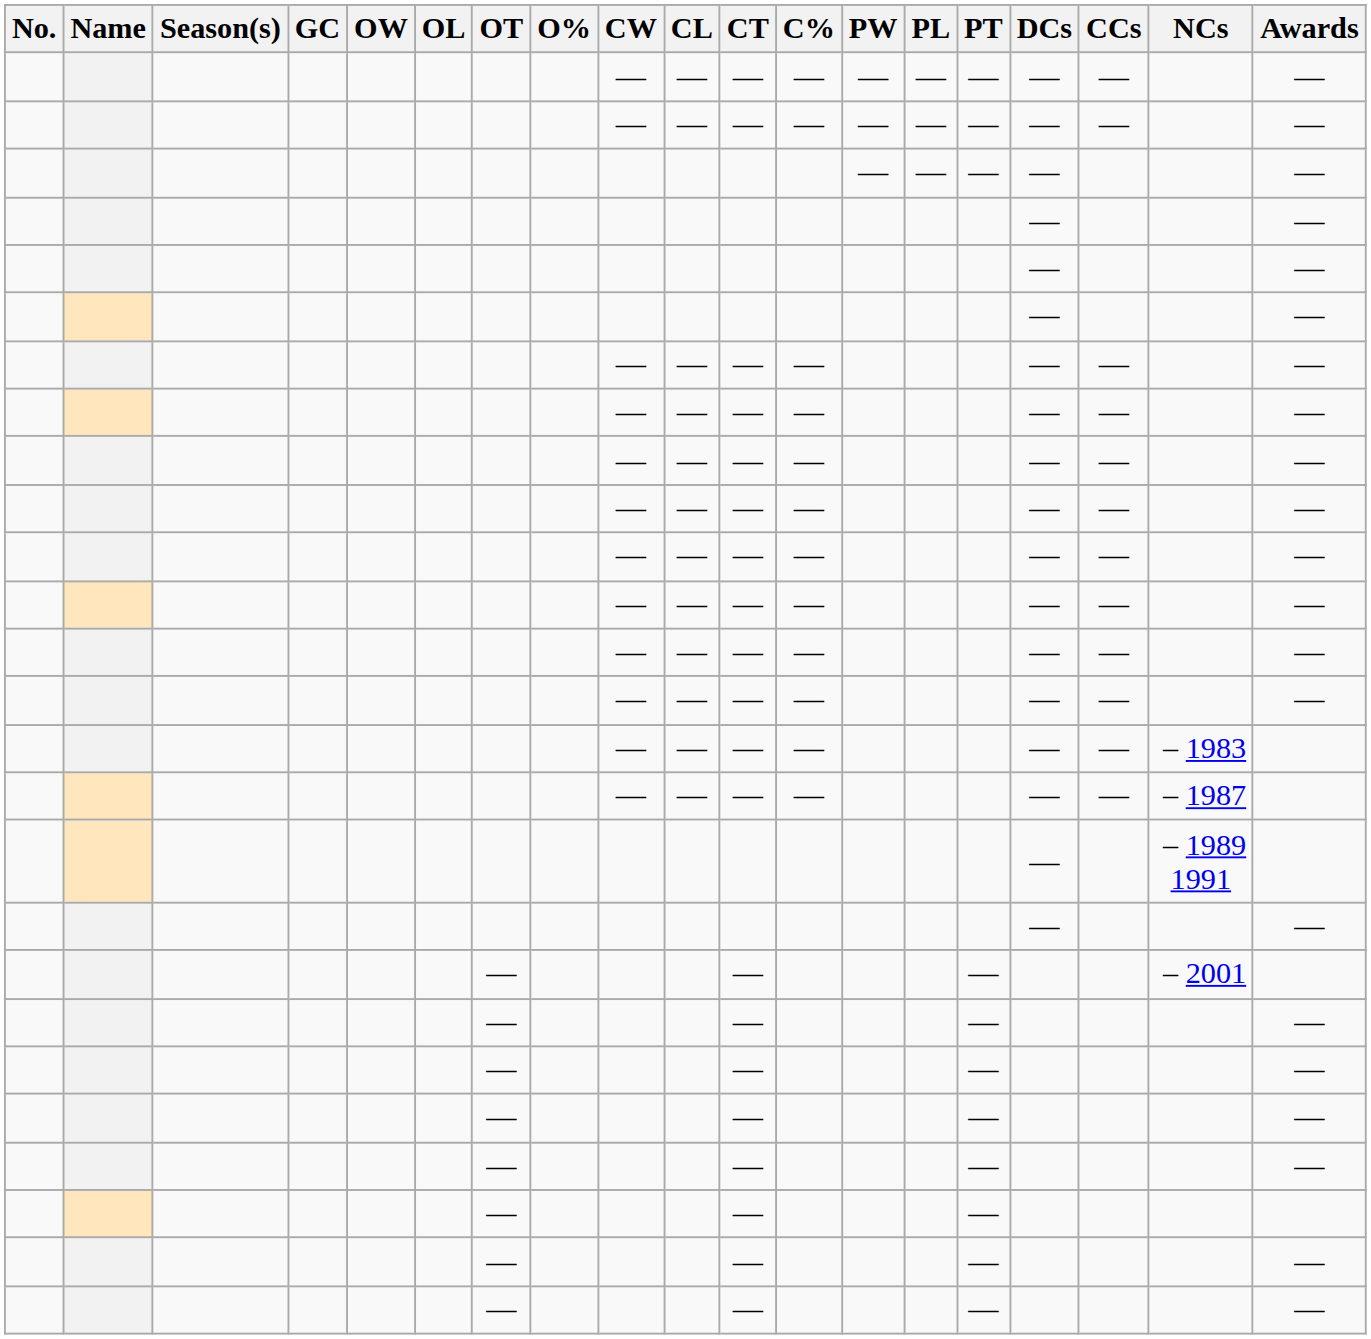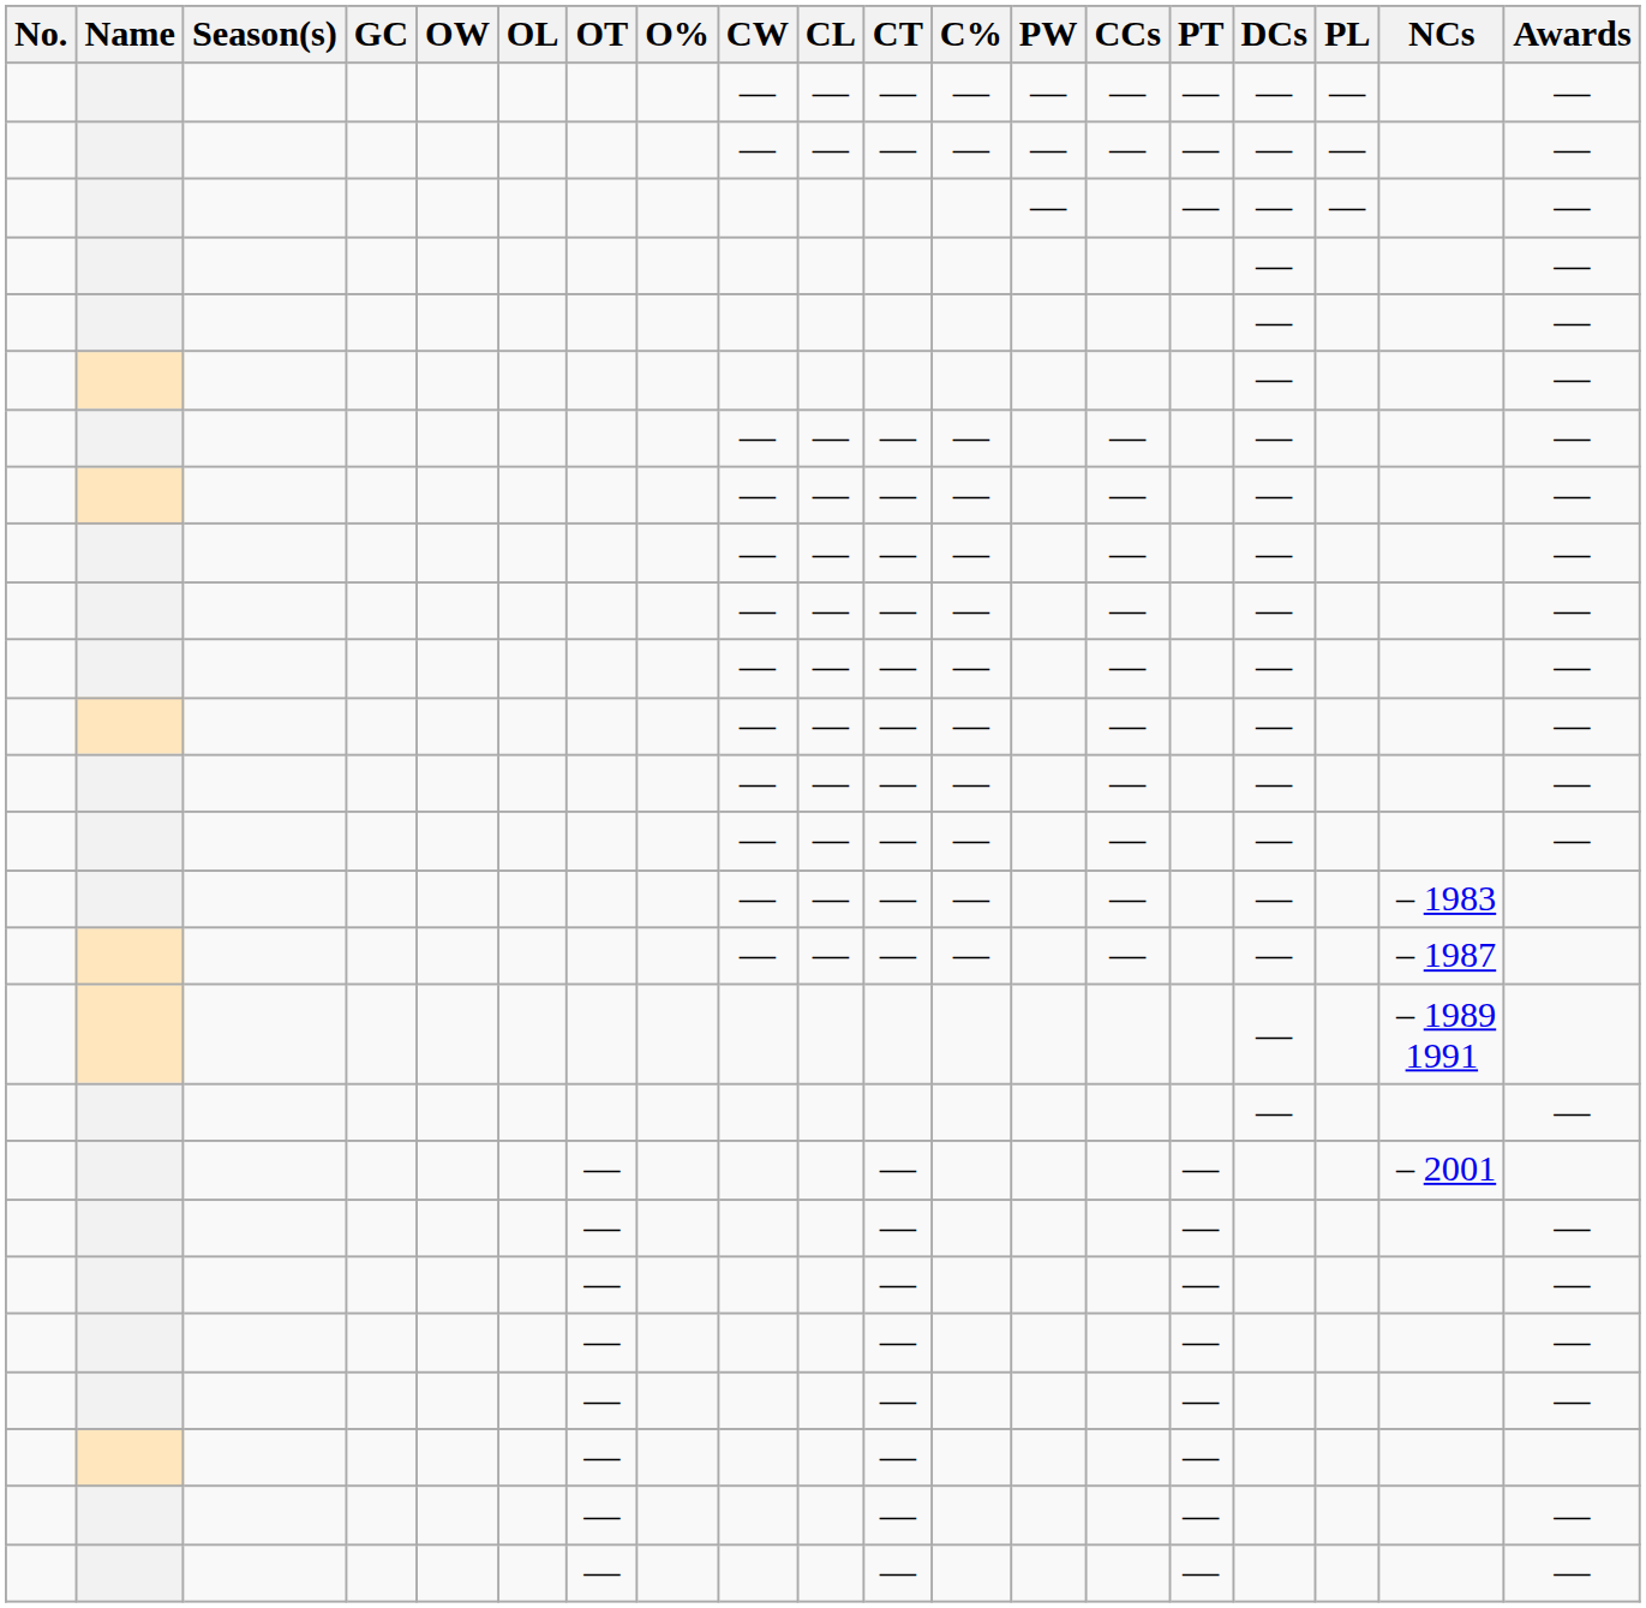 <table class="wikitable sortable" style="text-align:center;">
 <tr>
 <th scope="col" class="unsortable">No.</th>
 <th scope="col">Name</th>
 <th scope="col">Season(s)</th>
 <th scope="col">GC</th>
 <th scope="col">OW</th>
 <th scope="col">OL</th>
 <th scope="col">OT</th>
 <th scope="col">O%</th>
 <th scope="col">CW</th>
 <th scope="col">CL</th>
 <th scope="col">CT</th>
 <th scope="col">C%</th>
 <th scope="col">PW</th>
-<th scope="col">PL</th>
+<th scope="col">CCs</th>
 <th scope="col">PT</th>
 <th scope="col">DCs</th>
-<th scope="col">CCs</th>
+<th scope="col">PL</th>
 <th scope="col">NCs</th>
 <th scope="col" class="unsortable">Awards</th>
 </tr>
 <tr>
 <td></td>
 <th scope="row"></th>
 <td></td>
 <td></td>
 <td></td>
 <td></td>
 <td></td>
 <td></td>
 <td>—</td>
 <td>—</td>
 <td>—</td>
 <td>—</td>
 <td>—</td>
 <td>—</td>
 <td>—</td>
 <td>—</td>
 <td>—</td>
 <td></td>
 <td>—</td>
 </tr>
 <tr>
 <td></td>
 <th scope="row"></th>
 <td></td>
 <td></td>
 <td></td>
 <td></td>
 <td></td>
 <td></td>
 <td>—</td>
 <td>—</td>
 <td>—</td>
 <td>—</td>
 <td>—</td>
 <td>—</td>
 <td>—</td>
 <td>—</td>
 <td>—</td>
 <td></td>
 <td>—</td>
 </tr>
 <tr>
 <td></td>
 <th scope="row"></th>
 <td></td>
 <td></td>
 <td></td>
 <td></td>
 <td></td>
 <td></td>
 <td></td>
 <td></td>
 <td></td>
 <td></td>
 <td>—</td>
+<td></td>
 <td>—</td>
 <td>—</td>
 <td>—</td>
-<td></td>
 <td></td>
 <td>—</td>
 </tr>
 <tr>
 <td></td>
 <th scope="row"></th>
 <td></td>
 <td></td>
 <td></td>
 <td></td>
 <td></td>
 <td></td>
 <td></td>
 <td></td>
 <td></td>
 <td></td>
 <td></td>
 <td></td>
 <td></td>
 <td>—</td>
 <td></td>
 <td></td>
 <td>—</td>
 </tr>
 <tr>
 <td></td>
 <th scope="row"></th>
 <td></td>
 <td></td>
 <td></td>
 <td></td>
 <td></td>
 <td></td>
 <td></td>
 <td></td>
 <td></td>
 <td></td>
 <td></td>
 <td></td>
 <td></td>
 <td>—</td>
 <td></td>
 <td></td>
 <td>—</td>
 </tr>
 <tr>
 <td></td>
 <td scope="row" align="center" bgcolor=#FFE6BD><strong></strong><sup></sup></td>
 <td></td>
 <td></td>
 <td></td>
 <td></td>
 <td></td>
 <td></td>
 <td></td>
 <td></td>
 <td></td>
 <td></td>
 <td></td>
 <td></td>
 <td></td>
 <td>—</td>
 <td></td>
 <td></td>
 <td>—</td>
 </tr>
 <tr>
 <td></td>
 <th scope="row"></th>
 <td></td>
 <td></td>
 <td></td>
 <td></td>
 <td></td>
 <td></td>
 <td>—</td>
 <td>—</td>
 <td>—</td>
 <td>—</td>
 <td></td>
-<td></td>
+<td>—</td>
 <td></td>
 <td>—</td>
-<td>—</td>
+<td></td>
 <td></td>
 <td>—</td>
 </tr>
 <tr>
 <td></td>
 <td scope="row" align="center" bgcolor=#FFE6BD><strong></strong><sup></sup></td>
 <td></td>
 <td></td>
 <td></td>
 <td></td>
 <td></td>
 <td></td>
 <td>—</td>
 <td>—</td>
 <td>—</td>
 <td>—</td>
 <td></td>
-<td></td>
+<td>—</td>
 <td></td>
 <td>—</td>
-<td>—</td>
+<td></td>
 <td></td>
 <td>—</td>
 </tr>
 <tr>
 <td></td>
 <th scope="row"></th>
 <td></td>
 <td></td>
 <td></td>
 <td></td>
 <td></td>
 <td></td>
 <td>—</td>
 <td>—</td>
 <td>—</td>
 <td>—</td>
 <td></td>
-<td></td>
+<td>—</td>
 <td></td>
 <td>—</td>
-<td>—</td>
+<td></td>
 <td></td>
 <td>—</td>
 </tr>
 <tr>
 <td></td>
 <th scope="row"><br></th>
 <td></td>
 <td></td>
 <td></td>
 <td></td>
 <td></td>
 <td></td>
 <td>—</td>
 <td>—</td>
 <td>—</td>
 <td>—</td>
 <td></td>
-<td></td>
+<td>—</td>
 <td></td>
 <td>—</td>
-<td>—</td>
+<td></td>
 <td></td>
 <td>—</td>
 </tr>
 <tr>
 <td></td>
 <th scope="row"></th>
 <td></td>
 <td></td>
 <td></td>
 <td></td>
 <td></td>
 <td></td>
 <td>—</td>
 <td>—</td>
 <td>—</td>
 <td>—</td>
 <td></td>
-<td></td>
+<td>—</td>
 <td></td>
 <td>—</td>
-<td>—</td>
+<td></td>
 <td></td>
 <td>—</td>
 </tr>
 <tr>
 <td></td>
 <td scope="row" align="center" bgcolor=#FFE6BD><strong></strong><sup></sup></td>
 <td></td>
 <td></td>
 <td></td>
 <td></td>
 <td></td>
 <td></td>
 <td>—</td>
 <td>—</td>
 <td>—</td>
 <td>—</td>
 <td></td>
-<td></td>
+<td>—</td>
 <td></td>
 <td>—</td>
-<td>—</td>
+<td></td>
 <td></td>
 <td>—</td>
 </tr>
 <tr>
 <td></td>
 <th scope="row"></th>
 <td></td>
 <td></td>
 <td></td>
 <td></td>
 <td></td>
 <td></td>
 <td>—</td>
 <td>—</td>
 <td>—</td>
 <td>—</td>
 <td></td>
-<td></td>
+<td>—</td>
 <td></td>
 <td>—</td>
-<td>—</td>
+<td></td>
 <td></td>
 <td>—</td>
 </tr>
 <tr>
 <td></td>
 <th scope="row"></th>
 <td></td>
 <td></td>
 <td></td>
 <td></td>
 <td></td>
 <td></td>
 <td>—</td>
 <td>—</td>
 <td>—</td>
 <td>—</td>
 <td></td>
-<td></td>
+<td>—</td>
 <td></td>
 <td>—</td>
-<td>—</td>
+<td></td>
 <td></td>
 <td>—</td>
 </tr>
 <tr>
 <td></td>
 <th scope="row"></th>
 <td></td>
 <td></td>
 <td></td>
 <td></td>
 <td></td>
 <td></td>
 <td>—</td>
 <td>—</td>
 <td>—</td>
 <td>—</td>
 <td></td>
-<td></td>
+<td>—</td>
 <td></td>
 <td>—</td>
-<td>—</td>
+<td></td>
 <td> – <a href='#'>1983</a></td>
 <td></td>
 </tr>
 <tr>
 <td></td>
 <td scope="row" align="center" bgcolor=#FFE6BD><strong></strong><sup></sup></td>
 <td></td>
 <td></td>
 <td></td>
 <td></td>
 <td></td>
 <td></td>
 <td>—</td>
 <td>—</td>
 <td>—</td>
 <td>—</td>
 <td></td>
-<td></td>
+<td>—</td>
 <td></td>
 <td>—</td>
-<td>—</td>
+<td></td>
 <td> – <a href='#'>1987</a></td>
 <td></td>
 </tr>
 <tr>
 <td></td>
 <td scope="row" align="center" bgcolor=#FFE6BD><strong></strong><sup></sup></td>
 <td></td>
 <td></td>
 <td></td>
 <td></td>
 <td></td>
 <td></td>
 <td></td>
 <td></td>
 <td></td>
 <td></td>
 <td></td>
 <td></td>
 <td></td>
 <td>—</td>
 <td></td>
 <td> – <a href='#'>1989</a><br><a href='#'>1991</a></td>
 <td></td>
 </tr>
 <tr>
 <td></td>
 <th scope="row"></th>
 <td></td>
 <td></td>
 <td></td>
 <td></td>
 <td></td>
 <td></td>
 <td></td>
 <td></td>
 <td></td>
 <td></td>
 <td></td>
 <td></td>
 <td></td>
 <td>—</td>
 <td></td>
 <td></td>
 <td>—</td>
 </tr>
 <tr>
 <td></td>
 <th scope="row"></th>
 <td></td>
 <td></td>
 <td></td>
 <td></td>
 <td>—</td>
 <td></td>
 <td></td>
 <td></td>
 <td>—</td>
 <td></td>
 <td></td>
 <td></td>
 <td>—</td>
 <td></td>
 <td></td>
 <td> – <a href='#'>2001</a></td>
 <td></td>
 </tr>
 <tr>
 <td></td>
 <th scope="row"></th>
 <td></td>
 <td></td>
 <td></td>
 <td></td>
 <td>—</td>
 <td></td>
 <td></td>
 <td></td>
 <td>—</td>
 <td></td>
 <td></td>
 <td></td>
 <td>—</td>
 <td></td>
 <td></td>
 <td></td>
 <td>—</td>
 </tr>
 <tr>
 <td></td>
 <th scope="row"><br></th>
 <td></td>
 <td></td>
 <td></td>
 <td></td>
 <td>—</td>
 <td></td>
 <td></td>
 <td></td>
 <td>—</td>
 <td></td>
 <td></td>
 <td></td>
 <td>—</td>
 <td></td>
 <td></td>
 <td></td>
 <td>—</td>
 </tr>
 <tr>
 <td></td>
 <th scope="row"></th>
 <td></td>
 <td></td>
 <td></td>
 <td></td>
 <td>—</td>
 <td></td>
 <td></td>
 <td></td>
 <td>—</td>
 <td></td>
 <td></td>
 <td></td>
 <td>—</td>
 <td></td>
 <td></td>
 <td></td>
 <td>—</td>
 </tr>
 <tr>
 <td></td>
 <th scope="row"><br></th>
 <td></td>
 <td></td>
 <td></td>
 <td></td>
 <td>—</td>
 <td></td>
 <td></td>
 <td></td>
 <td>—</td>
 <td></td>
 <td></td>
 <td></td>
 <td>—</td>
 <td></td>
 <td></td>
 <td></td>
 <td>—</td>
 </tr>
 <tr>
 <td></td>
 <td scope="row" align="center" bgcolor=#FFE6BD><strong></strong><sup></sup></td>
 <td></td>
 <td></td>
 <td></td>
 <td></td>
 <td>—</td>
 <td></td>
 <td></td>
 <td></td>
 <td>—</td>
 <td></td>
 <td></td>
 <td></td>
 <td>—</td>
 <td></td>
 <td></td>
 <td></td>
 <td></td>
 </tr>
 <tr>
 <td></td>
 <th scope="row"></th>
 <td></td>
 <td></td>
 <td></td>
 <td></td>
 <td>—</td>
 <td></td>
 <td></td>
 <td></td>
 <td>—</td>
 <td></td>
 <td></td>
 <td></td>
 <td>—</td>
 <td></td>
 <td></td>
 <td></td>
 <td>—</td>
 </tr>
 <tr>
 <td></td>
 <th scope="row"></th>
 <td></td>
 <td></td>
 <td></td>
 <td></td>
 <td>—</td>
 <td></td>
 <td></td>
 <td></td>
 <td>—</td>
 <td></td>
 <td></td>
 <td></td>
 <td>—</td>
 <td></td>
 <td></td>
 <td></td>
 <td>—</td>
 </tr>
 </table>
